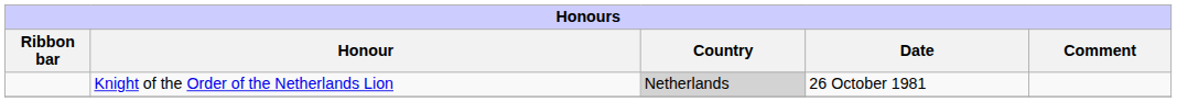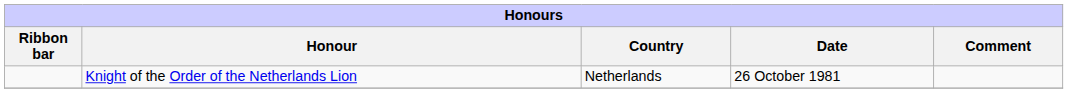 <table class="wikitable" style="width:60%;">
 <tr style="background:#ccf; text-align:center;">
 <td colspan=5><strong>Honours</strong></td>
 </tr>
 <tr>
 <th style="width:80px;">Ribbon bar</th>
 <th>Honour</th>
 <th>Country</th>
 <th>Date</th>
 <th>Comment</th>
 </tr>
 <tr>
 <td></td>
 <td><a href='#'>Knight</a> of the <a href='#'>Order of the Netherlands Lion</a></td>
-<td style="background: lightgrey;">Netherlands</td>
+<td>Netherlands</td>
 <td>26 October 1981</td>
 <td></td>
 </tr>
 <tr>
 </tr>
 </table>
